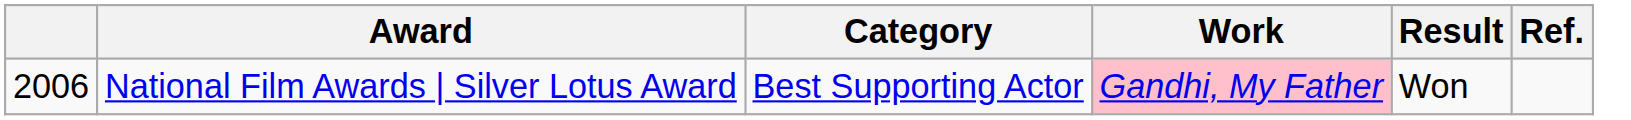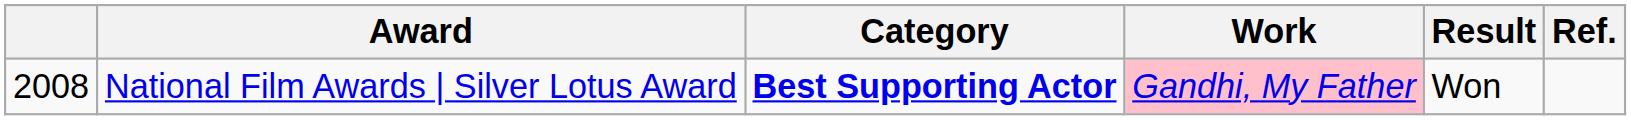 <table class="wikitable">
 <tr>
 <th></th>
 <th>Award</th>
 <th>Category</th>
 <th>Work</th>
 <th>Result</th>
 <th>Ref.</th>
 </tr>
 <tr>
-<td>2006</td>
+<td>2008</td>
 <td><a href='#'>National Film Awards | Silver Lotus Award</a></td>
-<td><a href='#'>Best Supporting Actor</a></td>
+<td><strong><a href='#'>Best Supporting Actor</a></strong></td>
 <td style="background: pink;"><em><a href='#'>Gandhi, My Father</a></em></td>
 <td>Won</td>
 <td></td>
 </tr>
 </table>
